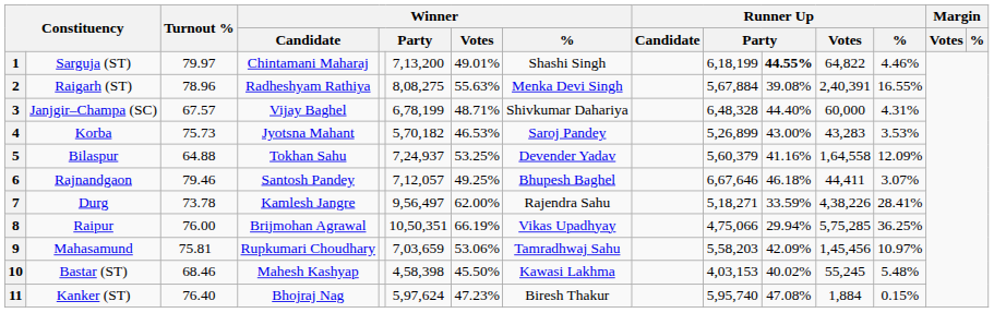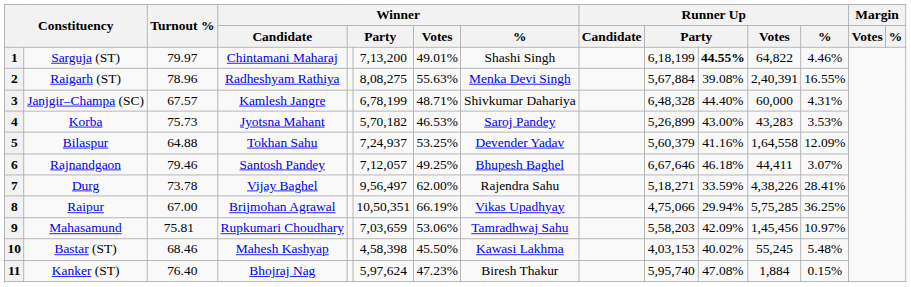 <table class="wikitable sortable" style="text-align:center;">
 <tr>
 <th colspan="2" rowspan="2">Constituency</th>
 <th rowspan="2">Turnout %</th>
 <th colspan="5">Winner</th>
 <th colspan="5">Runner Up</th>
 <th colspan="2">Margin</th>
 </tr>
 <tr>
 <th>Candidate</th>
 <th colspan="2">Party</th>
 <th>Votes</th>
 <th>%</th>
 <th>Candidate</th>
 <th colspan="2">Party</th>
 <th>Votes</th>
 <th>%</th>
 <th>Votes</th>
 <th>%</th>
 </tr>
 <tr>
 <th>1</th>
 <td><a href='#'>Sarguja</a> (ST)</td>
 <td>79.97 </td>
 <td><a href='#'>Chintamani Maharaj</a></td>
 <td></td>
 <td>7,13,200</td>
 <td>49.01%</td>
 <td>Shashi Singh</td>
 <td></td>
 <td>6,18,199</td>
 <td><strong>44.55%</strong></td>
 <td style="background:">64,822</td>
 <td style="background:">4.46%</td>
 </tr>
 <tr>
 <th>2</th>
 <td><a href='#'>Raigarh</a> (ST)</td>
 <td>78.96 </td>
 <td><a href='#'>Radheshyam Rathiya</a></td>
 <td></td>
 <td>8,08,275</td>
 <td>55.63%</td>
 <td><a href='#'>Menka Devi Singh</a></td>
 <td></td>
 <td>5,67,884</td>
 <td>39.08%</td>
 <td style="background:">2,40,391</td>
 <td style="background:">16.55%</td>
 </tr>
 <tr>
 <th>3</th>
 <td><a href='#'>Janjgir–Champa</a> (SC)</td>
 <td>67.57 </td>
-<td><a href='#'>Vijay Baghel</a></td>
+<td><a href='#'>Kamlesh Jangre</a></td>
 <td></td>
 <td>6,78,199</td>
 <td>48.71%</td>
 <td>Shivkumar Dahariya</td>
 <td></td>
 <td>6,48,328</td>
 <td>44.40%</td>
 <td style="background:">60,000</td>
 <td style="background:">4.31%</td>
 </tr>
 <tr>
 <th>4</th>
 <td><a href='#'>Korba</a></td>
 <td>75.73 </td>
 <td><a href='#'>Jyotsna Mahant</a></td>
 <td></td>
 <td>5,70,182</td>
 <td>46.53%</td>
 <td><a href='#'>Saroj Pandey</a></td>
 <td></td>
 <td>5,26,899</td>
 <td>43.00%</td>
 <td style="background:">43,283</td>
 <td style="background:">3.53%</td>
 </tr>
 <tr>
 <th>5</th>
 <td><a href='#'>Bilaspur</a></td>
 <td>64.88 </td>
 <td><a href='#'>Tokhan Sahu</a></td>
 <td></td>
 <td>7,24,937</td>
 <td>53.25%</td>
 <td><a href='#'>Devender Yadav</a></td>
 <td></td>
 <td>5,60,379</td>
 <td>41.16%</td>
 <td style="background:">1,64,558</td>
 <td style="background:">12.09%</td>
 </tr>
 <tr>
 <th>6</th>
 <td><a href='#'>Rajnandgaon</a></td>
 <td>79.46 </td>
 <td><a href='#'>Santosh Pandey</a></td>
 <td></td>
 <td>7,12,057</td>
 <td>49.25%</td>
 <td><a href='#'>Bhupesh Baghel</a></td>
 <td></td>
 <td>6,67,646</td>
 <td>46.18%</td>
 <td style="background:">44,411</td>
 <td style="background:">3.07%</td>
 </tr>
 <tr>
 <th>7</th>
 <td><a href='#'>Durg</a></td>
 <td>73.78 </td>
-<td><a href='#'>Kamlesh Jangre</a></td>
+<td><a href='#'>Vijay Baghel</a></td>
 <td></td>
 <td>9,56,497</td>
 <td>62.00%</td>
 <td>Rajendra Sahu</td>
 <td></td>
 <td>5,18,271</td>
 <td>33.59%</td>
 <td style="background:">4,38,226</td>
 <td style="background:">28.41%</td>
 </tr>
 <tr>
 <th>8</th>
 <td><a href='#'>Raipur</a></td>
-<td>76.00 </td>
+<td>67.00 </td>
 <td><a href='#'>Brijmohan Agrawal</a></td>
 <td></td>
 <td>10,50,351</td>
 <td>66.19%</td>
 <td><a href='#'>Vikas Upadhyay</a></td>
 <td></td>
 <td>4,75,066</td>
 <td>29.94%</td>
 <td style="background:">5,75,285</td>
 <td style="background:">36.25%</td>
 </tr>
 <tr>
 <th>9</th>
 <td><a href='#'>Mahasamund</a></td>
 <td>75.81  </td>
 <td><a href='#'>Rupkumari Choudhary</a></td>
 <td></td>
 <td>7,03,659</td>
 <td>53.06%</td>
 <td><a href='#'>Tamradhwaj Sahu</a></td>
 <td></td>
 <td>5,58,203</td>
 <td>42.09%</td>
 <td style="background:">1,45,456</td>
 <td style="background:">10.97%</td>
 </tr>
 <tr>
 <th>10</th>
 <td><a href='#'>Bastar</a> (ST)</td>
 <td>68.46 </td>
 <td><a href='#'>Mahesh Kashyap</a></td>
 <td></td>
 <td>4,58,398</td>
 <td>45.50%</td>
 <td><a href='#'>Kawasi Lakhma</a></td>
 <td></td>
 <td>4,03,153</td>
 <td>40.02%</td>
 <td style="background:">55,245</td>
 <td style="background:">5.48%</td>
 </tr>
 <tr>
 <th>11</th>
 <td><a href='#'>Kanker</a> (ST)</td>
 <td>76.40 </td>
 <td><a href='#'>Bhojraj Nag</a></td>
 <td></td>
 <td>5,97,624</td>
 <td>47.23%</td>
 <td>Biresh Thakur</td>
 <td></td>
 <td>5,95,740</td>
 <td>47.08%</td>
 <td style="background:">1,884</td>
 <td style="background:">0.15%</td>
 </tr>
 </table>
